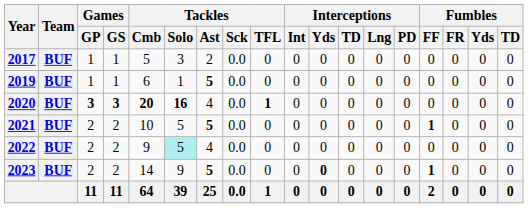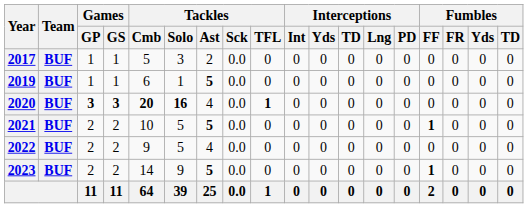 <table class="wikitable" style="text-align:center">
 <tr>
 <th rowspan="2">Year</th>
 <th rowspan="2">Team</th>
 <th colspan="2">Games</th>
 <th colspan="5">Tackles</th>
 <th colspan="5">Interceptions</th>
 <th colspan="4">Fumbles</th>
 </tr>
 <tr>
 <th>GP</th>
 <th>GS</th>
 <th>Cmb</th>
 <th>Solo</th>
 <th>Ast</th>
 <th>Sck</th>
 <th>TFL</th>
 <th>Int</th>
 <th>Yds</th>
 <th>TD</th>
 <th>Lng</th>
 <th>PD</th>
 <th>FF</th>
 <th>FR</th>
 <th>Yds</th>
 <th>TD</th>
 </tr>
 <tr>
 <th><a href='#'>2017</a></th>
 <th><a href='#'>BUF</a></th>
 <td>1</td>
 <td>1</td>
 <td>5</td>
 <td>3</td>
 <td>2</td>
 <td>0.0</td>
 <td>0</td>
 <td>0</td>
 <td>0</td>
 <td>0</td>
 <td>0</td>
 <td>0</td>
 <td>0</td>
 <td>0</td>
 <td>0</td>
 <td>0</td>
 </tr>
 <tr>
 <th><a href='#'>2019</a></th>
 <th><a href='#'>BUF</a></th>
 <td>1</td>
 <td>1</td>
 <td>6</td>
 <td>1</td>
 <td><strong>5</strong></td>
 <td>0.0</td>
 <td>0</td>
 <td>0</td>
 <td>0</td>
 <td>0</td>
 <td>0</td>
 <td>0</td>
 <td>0</td>
 <td>0</td>
 <td>0</td>
 <td>0</td>
 </tr>
 <tr>
 <th><a href='#'>2020</a></th>
 <th><a href='#'>BUF</a></th>
 <td><strong>3</strong></td>
 <td><strong>3</strong></td>
 <td><strong>20</strong></td>
 <td><strong>16</strong></td>
 <td>4</td>
 <td>0.0</td>
 <td><strong>1</strong></td>
 <td>0</td>
 <td>0</td>
 <td>0</td>
 <td>0</td>
 <td>0</td>
 <td>0</td>
 <td>0</td>
 <td>0</td>
 <td>0</td>
 </tr>
 <tr>
 <th><a href='#'>2021</a></th>
 <th><a href='#'>BUF</a></th>
 <td>2</td>
 <td>2</td>
 <td>10</td>
 <td>5</td>
 <td><strong>5</strong></td>
 <td>0.0</td>
 <td>0</td>
 <td>0</td>
 <td>0</td>
 <td>0</td>
 <td>0</td>
 <td>0</td>
 <td><strong>1</strong></td>
 <td>0</td>
 <td>0</td>
 <td>0</td>
 </tr>
 <tr>
 <th><a href='#'>2022</a></th>
 <th><a href='#'>BUF</a></th>
 <td>2</td>
 <td>2</td>
 <td>9</td>
-<td style="background: paleturquoise;">5</td>
+<td>5</td>
 <td>4</td>
 <td>0.0</td>
 <td>0</td>
 <td>0</td>
 <td>0</td>
 <td>0</td>
 <td>0</td>
 <td>0</td>
 <td>0</td>
 <td>0</td>
 <td>0</td>
 <td>0</td>
 </tr>
 <tr>
 <th><a href='#'>2023</a></th>
 <th><a href='#'>BUF</a></th>
 <td>2</td>
 <td>2</td>
 <td>14</td>
 <td>9</td>
 <td><strong>5</strong></td>
 <td>0.0</td>
 <td>0</td>
 <td>0</td>
-<td><strong>0</strong></td>
+<td>0</td>
 <td>0</td>
 <td>0</td>
 <td>0</td>
 <td><strong>1</strong></td>
 <td>0</td>
 <td>0</td>
 <td>0</td>
 </tr>
 <tr>
 <th colspan="2"></th>
 <th>11</th>
 <th>11</th>
 <th>64</th>
 <th>39</th>
 <th>25</th>
 <th>0.0</th>
 <th>1</th>
 <th>0</th>
 <th>0</th>
 <th>0</th>
 <th>0</th>
 <th>0</th>
 <th>2</th>
 <th>0</th>
 <th>0</th>
 <th>0</th>
 </tr>
 </table>
